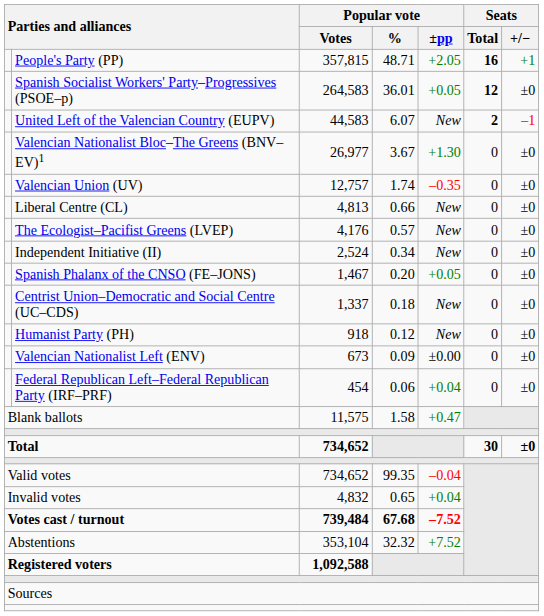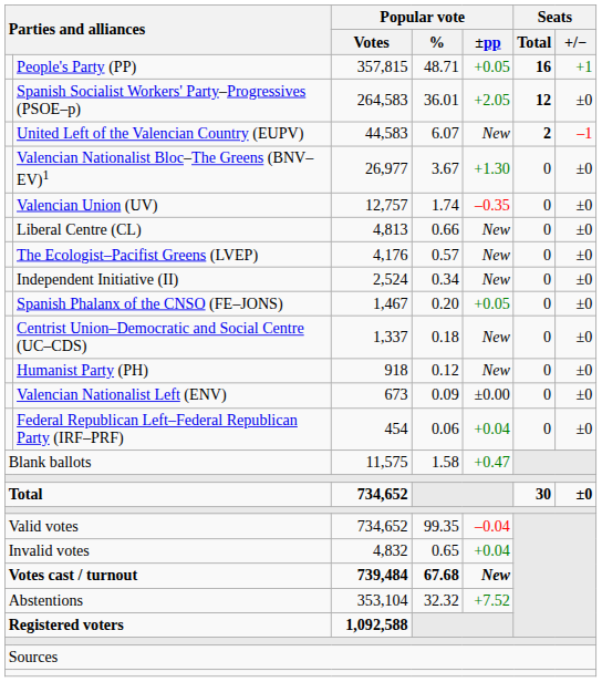 <table class="wikitable" style="text-align:right;">
 <tr>
 <th style="text-align:left;" rowspan="2" colspan="2" width="525">Parties and alliances</th>
 <th colspan="3">Popular vote</th>
 <th colspan="2">Seats</th>
 </tr>
 <tr>
 <th width="75">Votes</th>
 <th width="45">%</th>
 <th width="45">±<a href='#'>pp</a></th>
 <th width="35">Total</th>
 <th width="35">+/−</th>
 </tr>
 <tr>
 <td width="1" style="color:inherit;background:"></td>
 <td align="left"><a href='#'>People's Party</a> (PP)</td>
 <td>357,815</td>
 <td>48.71</td>
-<td style="color:green;">+2.05</td>
+<td style="color:green;">+0.05</td>
 <td><strong>16</strong></td>
 <td style="color:green;">+1</td>
 </tr>
 <tr>
 <td style="color:inherit;background:"></td>
 <td align="left"><a href='#'>Spanish Socialist Workers' Party</a>–<a href='#'>Progressives</a> (PSOE–p)</td>
 <td>264,583</td>
 <td>36.01</td>
-<td style="color:green;">+0.05</td>
+<td style="color:green;">+2.05</td>
 <td><strong>12</strong></td>
 <td>±0</td>
 </tr>
 <tr>
 <td style="color:inherit;background:"></td>
 <td align="left"><a href='#'>United Left of the Valencian Country</a> (EUPV)</td>
 <td>44,583</td>
 <td>6.07</td>
 <td><em>New</em></td>
 <td><strong>2</strong></td>
 <td style="color:red;">–1</td>
 </tr>
 <tr>
 <td style="color:inherit;background:"></td>
 <td align="left"><a href='#'>Valencian Nationalist Bloc</a>–<a href='#'>The Greens</a> (BNV–EV)<sup>1</sup></td>
 <td>26,977</td>
 <td>3.67</td>
 <td style="color:green;">+1.30</td>
 <td>0</td>
 <td>±0</td>
 </tr>
 <tr>
 <td style="color:inherit;background:"></td>
 <td align="left"><a href='#'>Valencian Union</a> (UV)</td>
 <td>12,757</td>
 <td>1.74</td>
 <td style="color:red;">–0.35</td>
 <td>0</td>
 <td>±0</td>
 </tr>
 <tr>
 <td style="color:inherit;background:"></td>
 <td align="left">Liberal Centre (CL)</td>
 <td>4,813</td>
 <td>0.66</td>
 <td><em>New</em></td>
 <td>0</td>
 <td>±0</td>
 </tr>
 <tr>
 <td style="color:inherit;background:"></td>
 <td align="left"><a href='#'>The Ecologist–Pacifist Greens</a> (LVEP)</td>
 <td>4,176</td>
 <td>0.57</td>
 <td><em>New</em></td>
 <td>0</td>
 <td>±0</td>
 </tr>
 <tr>
 <td style="color:inherit;background:"></td>
 <td align="left">Independent Initiative (II)</td>
 <td>2,524</td>
 <td>0.34</td>
 <td><em>New</em></td>
 <td>0</td>
 <td>±0</td>
 </tr>
 <tr>
 <td style="color:inherit;background:"></td>
 <td align="left"><a href='#'>Spanish Phalanx of the CNSO</a> (FE–JONS)</td>
 <td>1,467</td>
 <td>0.20</td>
 <td style="color:green;">+0.05</td>
 <td>0</td>
 <td>±0</td>
 </tr>
 <tr>
 <td style="color:inherit;background:"></td>
 <td align="left"><a href='#'>Centrist Union–Democratic and Social Centre</a> (UC–CDS)</td>
 <td>1,337</td>
 <td>0.18</td>
 <td><em>New</em></td>
 <td>0</td>
 <td>±0</td>
 </tr>
 <tr>
 <td style="color:inherit;background:"></td>
 <td align="left"><a href='#'>Humanist Party</a> (PH)</td>
 <td>918</td>
 <td>0.12</td>
 <td><em>New</em></td>
 <td>0</td>
 <td>±0</td>
 </tr>
 <tr>
 <td style="color:inherit;background:"></td>
 <td align="left"><a href='#'>Valencian Nationalist Left</a> (ENV)</td>
 <td>673</td>
 <td>0.09</td>
 <td>±0.00</td>
 <td>0</td>
 <td>±0</td>
 </tr>
 <tr>
 <td style="color:inherit;background:"></td>
 <td align="left"><a href='#'>Federal Republican Left–Federal Republican Party</a> (IRF–PRF)</td>
 <td>454</td>
 <td>0.06</td>
 <td style="color:green;">+0.04</td>
 <td>0</td>
 <td>±0</td>
 </tr>
 <tr>
 <td align="left" colspan="2">Blank ballots</td>
 <td>11,575</td>
 <td>1.58</td>
 <td style="color:green;">+0.47</td>
 <td bgcolor="#E9E9E9" colspan="2"></td>
 </tr>
 <tr>
 <td colspan="7" bgcolor="#E9E9E9"></td>
 </tr>
 <tr style="font-weight:bold;">
 <td align="left" colspan="2">Total</td>
 <td>734,652</td>
 <td bgcolor="#E9E9E9" colspan="2"></td>
 <td>30</td>
 <td>±0</td>
 </tr>
 <tr>
 <td colspan="7" bgcolor="#E9E9E9"></td>
 </tr>
 <tr>
 <td align="left" colspan="2">Valid votes</td>
 <td>734,652</td>
 <td>99.35</td>
 <td style="color:red;">–0.04</td>
 <td bgcolor="#E9E9E9" colspan="2" rowspan="5"></td>
 </tr>
 <tr>
 <td align="left" colspan="2">Invalid votes</td>
 <td>4,832</td>
 <td>0.65</td>
 <td style="color:green;">+0.04</td>
 </tr>
 <tr style="font-weight:bold;">
 <td align="left" colspan="2">Votes cast / turnout</td>
 <td>739,484</td>
 <td>67.68</td>
-<td style="color:red;">–7.52</td>
+<td><em>New</em></td>
 </tr>
 <tr>
 <td align="left" colspan="2">Abstentions</td>
 <td>353,104</td>
 <td>32.32</td>
 <td style="color:green;">+7.52</td>
 </tr>
 <tr style="font-weight:bold;">
 <td align="left" colspan="2">Registered voters</td>
 <td>1,092,588</td>
 <td bgcolor="#E9E9E9" colspan="2"></td>
 </tr>
 <tr>
 <td colspan="7" bgcolor="#E9E9E9"></td>
 </tr>
 <tr>
 <td align="left" colspan="7">Sources</td>
 </tr>
 <tr>
 <td colspan="7" style="text-align:left; max-width:790px;"></td>
 </tr>
 </table>
